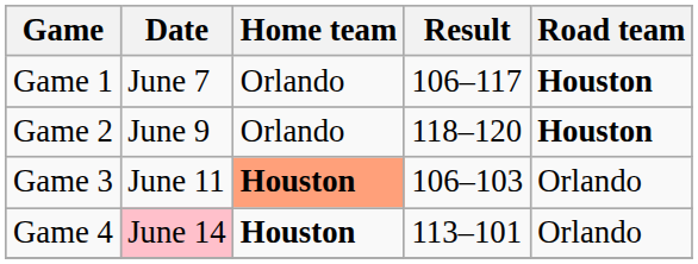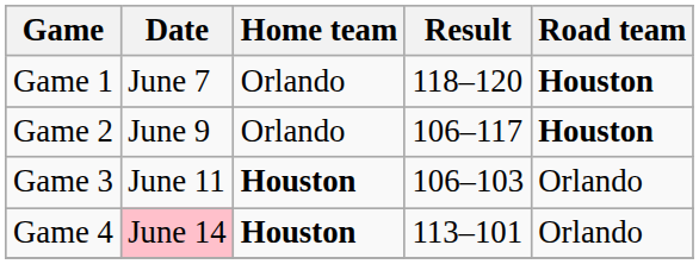 <table class="wikitable">
 <tr>
 <th>Game</th>
 <th>Date</th>
 <th>Home team</th>
 <th>Result</th>
 <th>Road team</th>
 </tr>
 <tr>
 <td>Game 1</td>
 <td>June 7</td>
 <td>Orlando</td>
-<td>106–117</td>
+<td>118–120</td>
 <td><strong>Houston</strong></td>
 </tr>
 <tr>
 <td>Game 2</td>
 <td>June 9</td>
 <td>Orlando</td>
-<td>118–120</td>
+<td>106–117</td>
 <td><strong>Houston</strong></td>
 </tr>
 <tr>
 <td>Game 3</td>
 <td>June 11</td>
-<td style="background: lightsalmon;"><strong>Houston</strong></td>
+<td><strong>Houston</strong></td>
 <td>106–103</td>
 <td>Orlando</td>
 </tr>
 <tr>
 <td>Game 4</td>
 <td style="background: pink;">June 14</td>
 <td><strong>Houston</strong></td>
 <td>113–101</td>
 <td>Orlando</td>
 </tr>
 <tr>
 </tr>
 </table>
